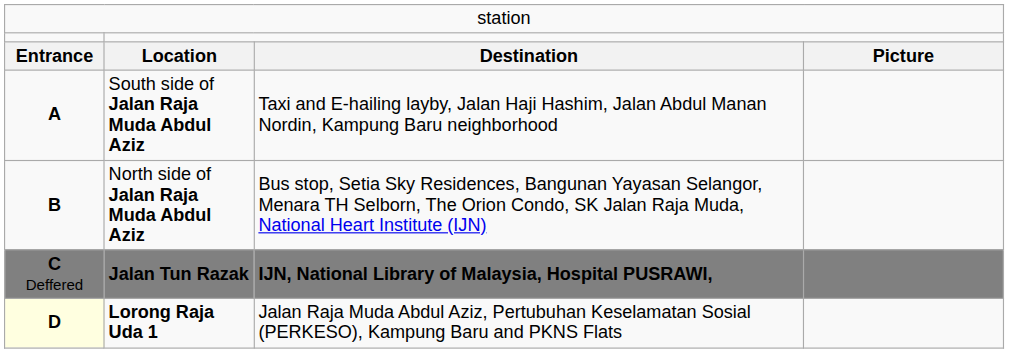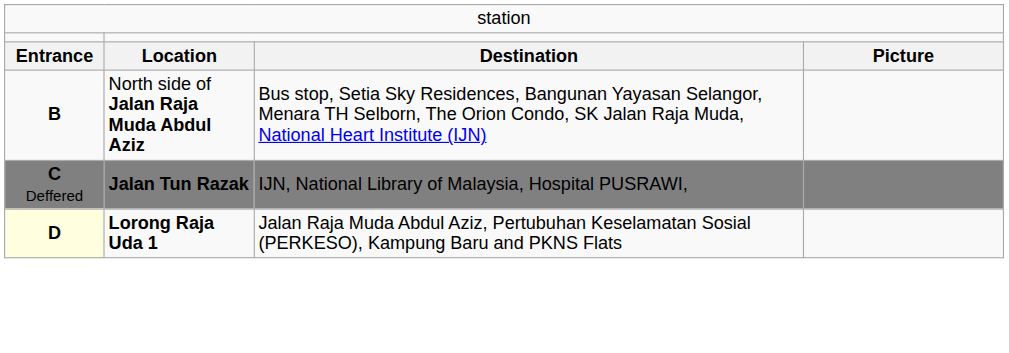 <table class="wikitable" style="width:70%">
 <tr>
 <td colspan="4" align="center"> station</td>
 </tr>
 <tr>
 <td></td>
 </tr>
 <tr>
 <th style="width:10%">Entrance</th>
 <th style="width:15%">Location</th>
 <th style="width:55%">Destination</th>
 <th style="width:20%">Picture</th>
 </tr>
 <tr>
-<td align="center"><strong><span>A</span></strong></td>
-<td>South side of <strong>Jalan Raja Muda Abdul Aziz</strong></td>
-<td>Taxi and E-hailing layby, Jalan Haji Hashim, Jalan Abdul Manan Nordin, Kampung Baru neighborhood</td>
-<td></td>
-</tr>
-<tr>
 <td align="center"><strong><span>B</span></strong></td>
 <td>North side of <strong>Jalan Raja Muda Abdul Aziz</strong></td>
 <td>Bus stop, Setia Sky Residences, Bangunan Yayasan Selangor, Menara TH Selborn, The Orion Condo, SK Jalan Raja Muda, <a href='#'>National Heart Institute (IJN)</a></td>
 <td></td>
 </tr>
 <tr style="background:grey;">
 <td align="center"><strong><span>C</span></strong><br><small>Deffered</small></td>
 <td><strong>Jalan Tun Razak</strong></td>
-<td><strong>IJN, National Library of Malaysia, Hospital PUSRAWI,</strong></td>
+<td>IJN, National Library of Malaysia, Hospital PUSRAWI,</td>
 <td></td>
 </tr>
 <tr>
 <td align="center" style="background: lightyellow;"><strong><span>D</span></strong></td>
 <td><strong>Lorong Raja Uda 1</strong></td>
 <td>Jalan Raja Muda Abdul Aziz, Pertubuhan Keselamatan Sosial (PERKESO), Kampung Baru and PKNS Flats</td>
 <td></td>
 </tr>
 </table>
